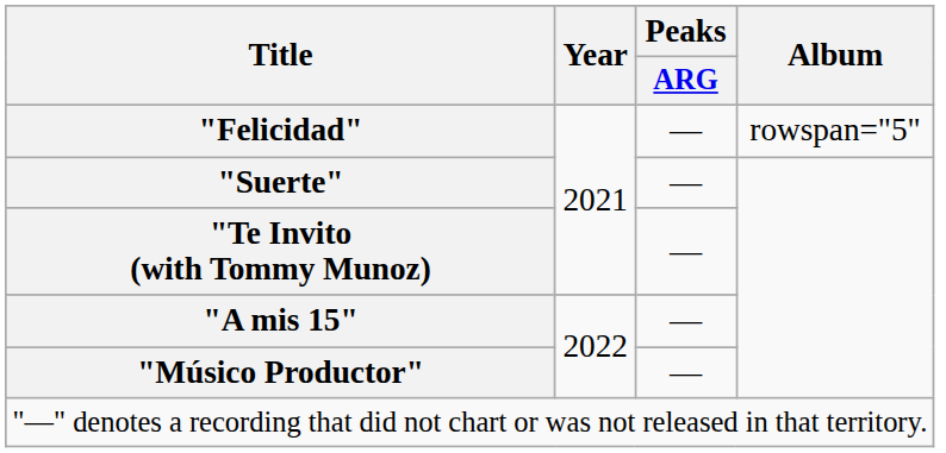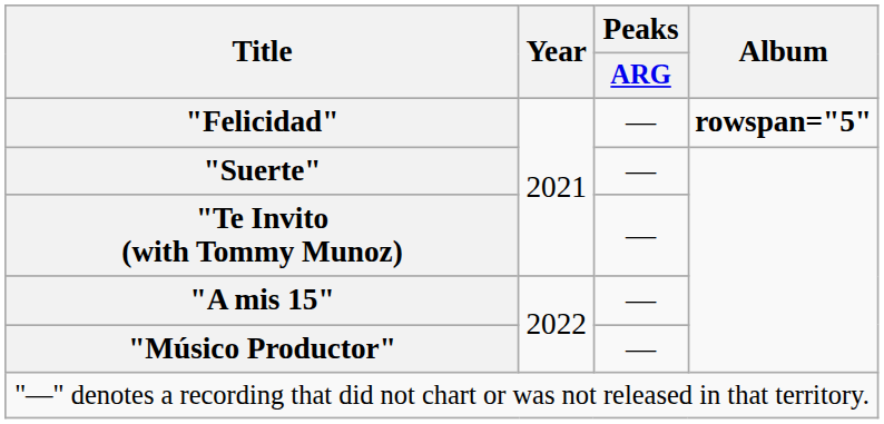 <table class="wikitable plainrowheaders" style="text-align:center;">
 <tr>
 <th scope="col" rowspan="2" style="width:16.5em;">Title</th>
 <th scope="col" rowspan="2" style="width:1em;">Year</th>
 <th scope="col" colspan="1">Peaks</th>
 <th scope="col" rowspan="2">Album</th>
 </tr>
 <tr>
 <th scope="col" style="width:3em;font-size:90%;"><a href='#'>ARG</a></th>
 </tr>
 <tr>
 <th scope="row">"Felicidad"</th>
 <td rowspan="3">2021</td>
 <td>—</td>
-<td>rowspan="5" </td>
+<td><strong>rowspan="5" </strong></td>
 </tr>
 <tr>
 <th scope="row">"Suerte"</th>
 <td>—</td>
 </tr>
 <tr>
 <th scope="row">"Te Invito<br><span>(with Tommy Munoz)</span></th>
 <td>—</td>
 </tr>
 <tr>
 <th scope="row">"A mis 15"</th>
 <td rowspan="2">2022</td>
 <td>—</td>
 </tr>
 <tr>
 <th scope="row">"Músico Productor"</th>
 <td>—</td>
 </tr>
 <tr>
 <td colspan="14" style="font-size:90%">"—" denotes a recording that did not chart or was not released in that territory.</td>
 </tr>
 </table>
